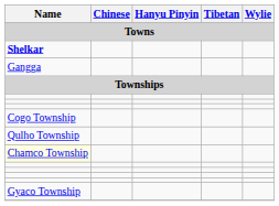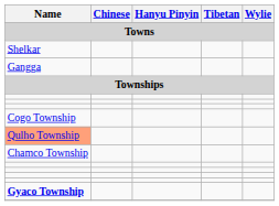 <table class="wikitable" style="font-size:90%;" align=center>
 <tr>
 <th>Name</th>
 <th><a href='#'>Chinese</a></th>
 <th><a href='#'>Hanyu Pinyin</a></th>
 <th><a href='#'>Tibetan</a></th>
 <th><a href='#'>Wylie</a></th>
 </tr>
 <tr --------->
 <td colspan="7" style="text-align:center; background:#d3d3d3;"><strong>Towns</strong></td>
 </tr>
 <tr --------->
-<td><strong><a href='#'>Shelkar</a></strong></td>
+<td><a href='#'>Shelkar</a></td>
 <td></td>
 <td></td>
 <td></td>
 <td></td>
 </tr>
 <tr>
 <td><a href='#'>Gangga</a></td>
 <td></td>
 <td></td>
 <td></td>
 <td></td>
 </tr>
 <tr --------->
 <td colspan="7" style="text-align:center; background:#d3d3d3;"><strong>Townships</strong></td>
 </tr>
 <tr --------->
 <td></td>
 <td></td>
 <td></td>
 <td></td>
 <td></td>
 </tr>
 <tr>
 <td></td>
 <td></td>
 <td></td>
 <td></td>
 <td></td>
 </tr>
 <tr>
 <td></td>
 <td></td>
 <td></td>
 <td></td>
 <td></td>
 </tr>
 <tr>
 <td><a href='#'>Cogo Township</a></td>
 <td></td>
 <td></td>
 <td></td>
 <td></td>
 </tr>
 <tr>
-<td><a href='#'>Qulho Township</a></td>
+<td style="background: lightsalmon;"><a href='#'>Qulho Township</a></td>
 <td></td>
 <td></td>
 <td></td>
 <td></td>
 </tr>
 <tr>
-<td style="background: lightyellow;"><a href='#'>Chamco Township</a></td>
+<td><a href='#'>Chamco Township</a></td>
 <td></td>
 <td></td>
 <td></td>
 <td></td>
 </tr>
 <tr>
 <td></td>
 <td></td>
 <td></td>
 <td></td>
 <td></td>
 </tr>
 <tr>
 <td></td>
 <td></td>
 <td></td>
 <td></td>
 <td></td>
 </tr>
 <tr>
 <td></td>
 <td></td>
 <td></td>
 <td></td>
 <td></td>
 </tr>
 <tr>
 <td></td>
 <td></td>
 <td></td>
 <td></td>
 <td></td>
 </tr>
 <tr>
-<td><a href='#'>Gyaco Township</a></td>
+<td><strong><a href='#'>Gyaco Township</a></strong></td>
 <td></td>
 <td></td>
 <td></td>
 <td></td>
 </tr>
 <tr>
 </tr>
 </table>
